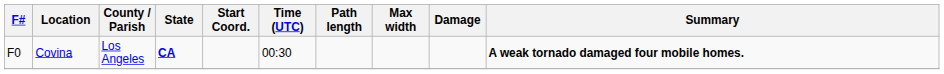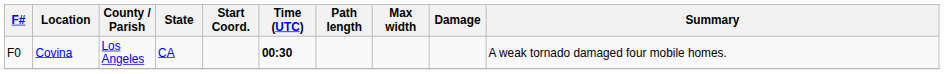 <table class="wikitable sortable" style="width:100%;">
 <tr>
 <th scope="col"  style="width:3%; text-align:center;"><a href='#'>F#</a></th>
 <th scope="col"  style="width:7%; text-align:center;" class="unsortable">Location</th>
 <th scope="col"  style="width:6%; text-align:center;" class="unsortable">County / Parish</th>
 <th scope="col"  style="width:5%; text-align:center;">State</th>
 <th scope="col"  style="width:6%; text-align:center;">Start Coord.</th>
 <th scope="col"  style="width:6%; text-align:center;">Time (<a href='#'>UTC</a>)</th>
 <th scope="col"  style="width:6%; text-align:center;">Path length</th>
 <th scope="col"  style="width:6%; text-align:center;">Max width</th>
 <th scope="col"  style="width:6%; text-align:center;">Damage</th>
 <th scope="col" class="unsortable" style="width:48%; text-align:center;">Summary</th>
 </tr>
 <tr>
 <td>F0</td>
 <td><a href='#'>Covina</a></td>
 <td><a href='#'>Los Angeles</a></td>
-<td><strong><a href='#'>CA</a></strong></td>
+<td><a href='#'>CA</a></td>
 <td></td>
-<td>00:30</td>
+<td><strong>00:30</strong></td>
 <td></td>
 <td></td>
 <td></td>
-<td><strong>A weak tornado damaged four mobile homes.</strong></td>
+<td>A weak tornado damaged four mobile homes.</td>
 </tr>
 <tr>
 </tr>
 </table>
